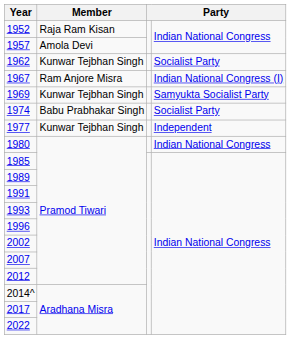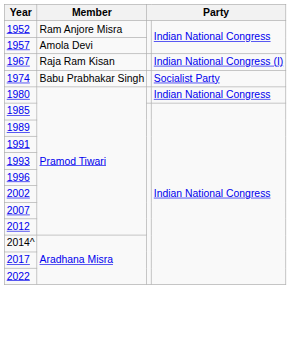 <table class="wikitable">
 <tr>
 <th>Year</th>
 <th>Member</th>
 <th colspan="2">Party</th>
 </tr>
 <tr>
 <td><a href='#'>1952</a></td>
-<td>Raja Ram Kisan</td>
+<td>Ram Anjore Misra</td>
 <td rowspan="2" style="background-color: "></td>
 <td rowspan="2"><a href='#'>Indian National Congress</a></td>
 </tr>
 <tr>
 <td><a href='#'>1957</a></td>
 <td>Amola Devi</td>
 </tr>
 <tr>
-<td><a href='#'>1962</a></td>
-<td>Kunwar Tejbhan Singh</td>
-<td style="background-color: "></td>
-<td><a href='#'>Socialist Party</a></td>
-</tr>
-<tr>
 <td><a href='#'>1967</a></td>
-<td>Ram Anjore Misra</td>
+<td>Raja Ram Kisan</td>
 <td style="background-color: "></td>
 <td><a href='#'>Indian National Congress (I)</a></td>
-</tr>
-<tr>
-<td><a href='#'>1969</a></td>
-<td>Kunwar Tejbhan Singh</td>
-<td style="background-color: "></td>
-<td><a href='#'>Samyukta Socialist Party</a></td>
 </tr>
 <tr>
 <td><a href='#'>1974</a></td>
 <td>Babu Prabhakar Singh</td>
 <td style="background-color: "></td>
 <td><a href='#'>Socialist Party</a></td>
-</tr>
-<tr>
-<td><a href='#'>1977</a></td>
-<td>Kunwar Tejbhan Singh</td>
-<td style="background-color: "></td>
-<td><a href='#'>Independent</a></td>
 </tr>
 <tr>
 <td><a href='#'>1980</a></td>
 <td rowspan="9"><a href='#'>Pramod Tiwari</a></td>
 <td style="background-color: "></td>
 <td><a href='#'>Indian National Congress</a></td>
 </tr>
 <tr>
 <td><a href='#'>1985</a></td>
 <td rowspan="11" style="background-color: "></td>
 <td rowspan="11"><a href='#'>Indian National Congress</a></td>
 </tr>
 <tr>
 <td><a href='#'>1989</a></td>
 </tr>
 <tr>
 <td><a href='#'>1991</a></td>
 </tr>
 <tr>
 <td><a href='#'>1993</a></td>
 </tr>
 <tr>
 <td><a href='#'>1996</a></td>
 </tr>
 <tr>
 <td><a href='#'>2002</a></td>
 </tr>
 <tr>
 <td><a href='#'>2007</a></td>
 </tr>
 <tr>
 <td><a href='#'>2012</a></td>
 </tr>
 <tr>
 <td>2014^</td>
 <td rowspan="3"><a href='#'>Aradhana Misra</a></td>
 </tr>
 <tr>
 <td><a href='#'>2017</a></td>
 </tr>
 <tr>
 <td><a href='#'>2022</a></td>
 </tr>
 </table>
